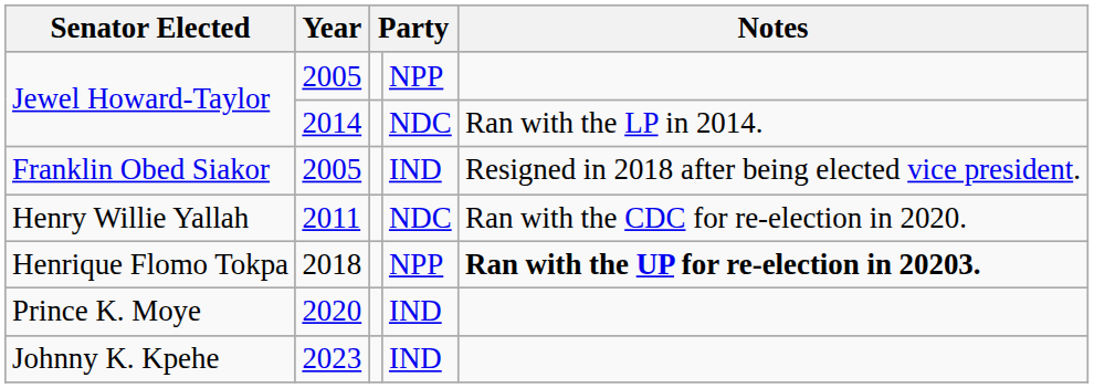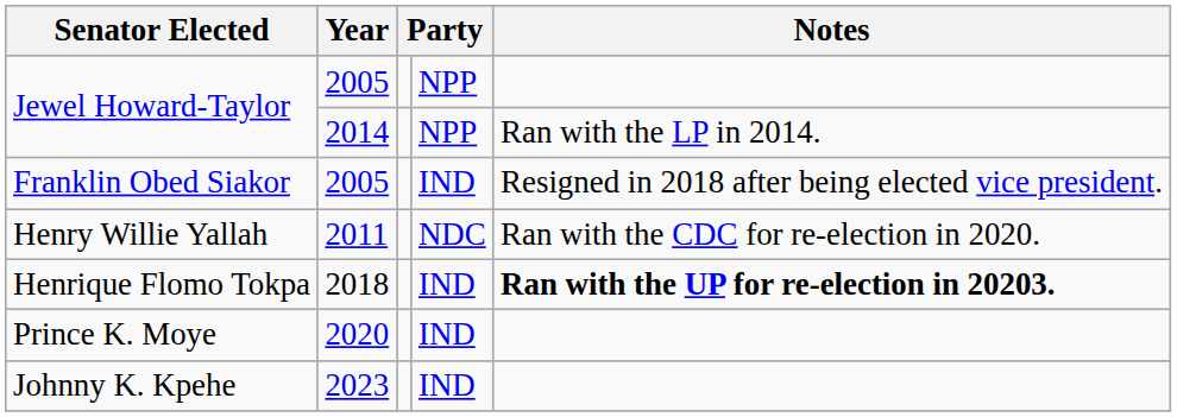 <table class="wikitable">
 <tr>
 <th>Senator Elected</th>
 <th>Year</th>
 <th colspan=2>Party</th>
 <th>Notes</th>
 </tr>
 <tr>
 <td rowspan=2><a href='#'>Jewel Howard-Taylor</a></td>
 <td><a href='#'>2005</a></td>
 <td></td>
 <td><a href='#'>NPP</a></td>
 <td></td>
 </tr>
 <tr>
 <td><a href='#'>2014</a></td>
 <td></td>
-<td><a href='#'>NDC</a></td>
+<td><a href='#'>NPP</a></td>
 <td>Ran with the <a href='#'>LP</a> in 2014.</td>
 </tr>
 <tr>
 <td><a href='#'>Franklin Obed Siakor</a></td>
 <td><a href='#'>2005</a></td>
 <td></td>
 <td><a href='#'>IND</a></td>
 <td>Resigned in 2018 after being elected <a href='#'>vice president</a>.</td>
 </tr>
 <tr>
 <td>Henry Willie Yallah</td>
 <td><a href='#'>2011</a></td>
 <td></td>
 <td><a href='#'>NDC</a></td>
 <td>Ran with the <a href='#'>CDC</a> for re-election in 2020.</td>
 </tr>
 <tr>
 <td>Henrique Flomo Tokpa</td>
 <td>2018</td>
 <td></td>
-<td><a href='#'>NPP</a></td>
+<td><a href='#'>IND</a></td>
 <td><strong>Ran with the <a href='#'>UP</a> for re-election in 20203.</strong></td>
 </tr>
 <tr>
 <td>Prince K. Moye</td>
 <td><a href='#'>2020</a></td>
 <td></td>
 <td><a href='#'>IND</a></td>
 <td></td>
 </tr>
 <tr>
 <td>Johnny K. Kpehe</td>
 <td><a href='#'>2023</a></td>
 <td></td>
 <td><a href='#'>IND</a></td>
 <td></td>
 </tr>
 </table>
